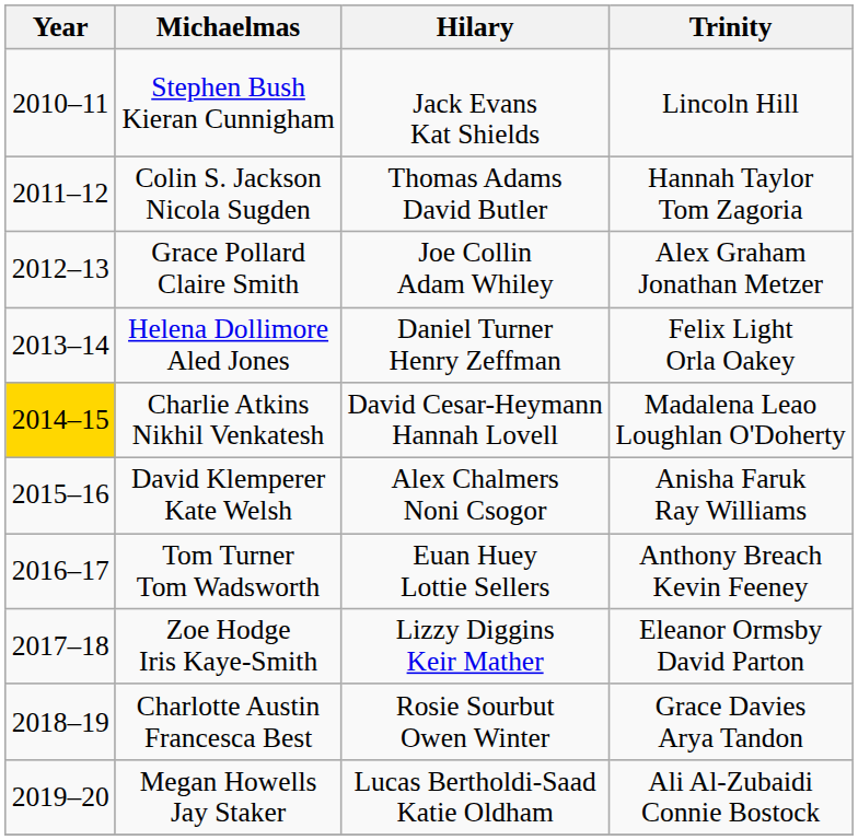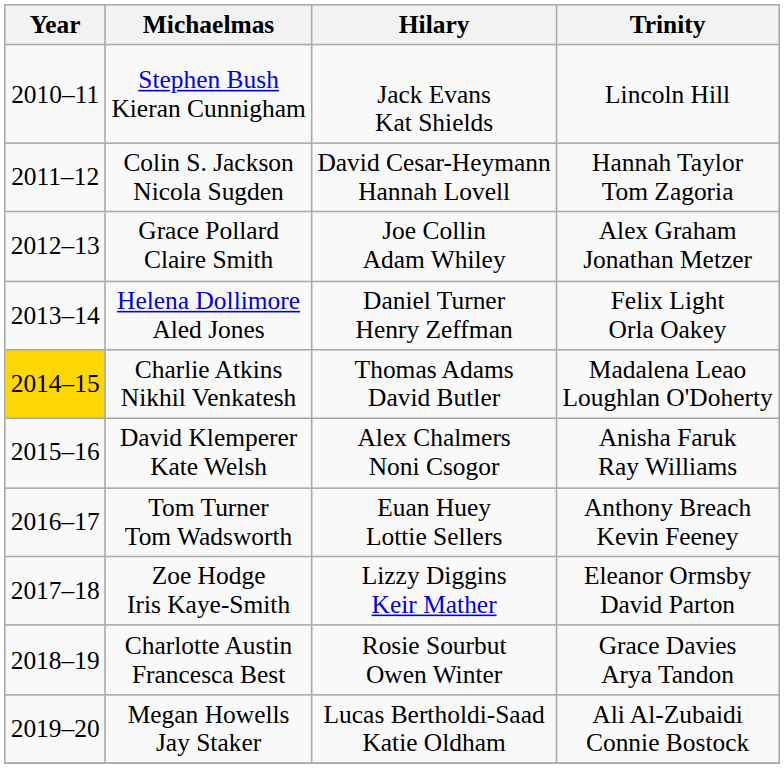 <table class="wikitable sortable">
 <tr>
 <th>Year</th>
 <th>Michaelmas</th>
 <th>Hilary</th>
 <th>Trinity</th>
 </tr>
 <tr>
 <td align="center">2010–11</td>
 <td align="center"> <a href='#'>Stephen Bush</a> <br>  Kieran Cunnigham</td>
 <td align="center"><br> Jack Evans <br>    Kat Shields</td>
 <td align="center"> Lincoln Hill <br></td>
 </tr>
 <tr>
 <td align="center">2011–12</td>
 <td align="center"> Colin S. Jackson <br> Nicola Sugden</td>
-<td align="center"> Thomas Adams <br> David Butler</td>
+<td align="center"> David Cesar-Heymann <br> Hannah Lovell</td>
 <td align="center"> Hannah Taylor <br> Tom Zagoria</td>
 </tr>
 <tr>
 <td align="center">2012–13</td>
 <td align="center"> Grace Pollard <br>  Claire Smith</td>
 <td align="center"> Joe Collin <br>  Adam Whiley</td>
 <td align="center"> Alex Graham <br>  Jonathan Metzer</td>
 </tr>
 <tr>
 <td align="center">2013–14</td>
 <td align="center"> <a href='#'>Helena Dollimore</a> <br> Aled Jones</td>
 <td align="center"> Daniel Turner <br> Henry Zeffman</td>
 <td align="center"> Felix Light <br> Orla Oakey</td>
 </tr>
 <tr>
 <td align="center" style="background: gold;">2014–15</td>
 <td align="center"> Charlie Atkins <br> Nikhil Venkatesh</td>
-<td align="center"> David Cesar-Heymann <br> Hannah Lovell</td>
+<td align="center"> Thomas Adams <br> David Butler</td>
 <td align="center"> Madalena Leao <br> Loughlan O'Doherty</td>
 </tr>
 <tr>
 <td align="center">2015–16</td>
 <td align="center"> David Klemperer <br> Kate Welsh</td>
 <td align="center"> Alex Chalmers <br> Noni Csogor</td>
 <td align="center"> Anisha Faruk <br> Ray Williams</td>
 </tr>
 <tr>
 <td align="center">2016–17</td>
 <td align="center"> Tom Turner <br> Tom Wadsworth</td>
 <td align="center"> Euan Huey <br> Lottie Sellers</td>
 <td align="center"> Anthony Breach <br>  Kevin Feeney</td>
 </tr>
 <tr>
 <td align="center">2017–18</td>
 <td align="center"> Zoe Hodge <br> Iris Kaye-Smith</td>
 <td align="center"> Lizzy Diggins <br> <a href='#'>Keir Mather</a></td>
 <td align="center"> Eleanor Ormsby <br> David Parton</td>
 </tr>
 <tr>
 <td align="center">2018–19</td>
 <td align="center"> Charlotte Austin <br> Francesca Best</td>
 <td align="center"> Rosie Sourbut <br> Owen Winter</td>
 <td align="center"> Grace Davies <br> Arya Tandon</td>
 </tr>
 <tr>
 <td align="center">2019–20</td>
 <td align="center"> Megan Howells <br> Jay Staker</td>
 <td align="center"> Lucas Bertholdi-Saad <br> Katie Oldham</td>
 <td align="center"> Ali Al-Zubaidi <br> Connie Bostock</td>
 </tr>
 <tr>
 </tr>
 </table>
